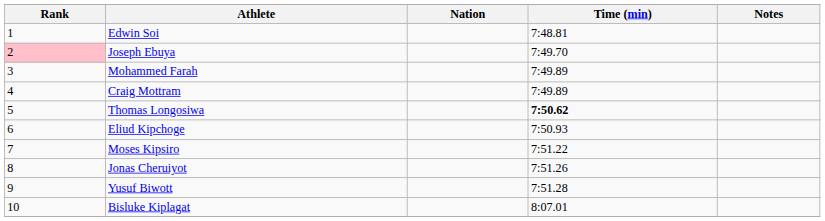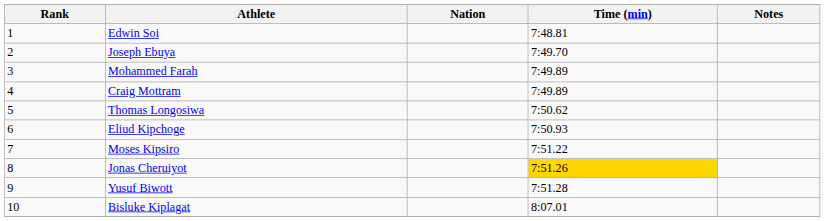 <table class="wikitable" width=85%>
 <tr>
 </tr>
 <tr>
 <th>Rank</th>
 <th>Athlete</th>
 <th>Nation</th>
 <th>Time (<a href='#'>min</a>)</th>
 <th>Notes</th>
 </tr>
 <tr>
 <td>1</td>
 <td><a href='#'>Edwin Soi</a></td>
 <td></td>
 <td>7:48.81</td>
 <td></td>
 </tr>
 <tr>
-<td style="background: pink;">2</td>
+<td>2</td>
 <td><a href='#'>Joseph Ebuya</a></td>
 <td></td>
 <td>7:49.70</td>
 <td></td>
 </tr>
 <tr>
 <td>3</td>
 <td><a href='#'>Mohammed Farah</a></td>
 <td></td>
 <td>7:49.89</td>
 <td></td>
 </tr>
 <tr>
 <td>4</td>
 <td><a href='#'>Craig Mottram</a></td>
 <td></td>
 <td>7:49.89</td>
 <td></td>
 </tr>
 <tr>
 <td>5</td>
 <td><a href='#'>Thomas Longosiwa</a></td>
 <td></td>
-<td><strong>7:50.62</strong></td>
+<td>7:50.62</td>
 <td></td>
 </tr>
 <tr>
 <td>6</td>
 <td><a href='#'>Eliud Kipchoge</a></td>
 <td></td>
 <td>7:50.93</td>
 <td></td>
 </tr>
 <tr>
 <td>7</td>
 <td><a href='#'>Moses Kipsiro</a></td>
 <td></td>
 <td>7:51.22</td>
 <td></td>
 </tr>
 <tr>
 <td>8</td>
 <td><a href='#'>Jonas Cheruiyot</a></td>
 <td></td>
-<td>7:51.26</td>
+<td style="background: gold;">7:51.26</td>
 <td></td>
 </tr>
 <tr>
 <td>9</td>
 <td><a href='#'>Yusuf Biwott</a></td>
 <td></td>
 <td>7:51.28</td>
 <td></td>
 </tr>
 <tr>
 <td>10</td>
 <td><a href='#'>Bisluke Kiplagat</a></td>
 <td></td>
 <td>8:07.01</td>
 <td></td>
 </tr>
 <tr>
 </tr>
 </table>
